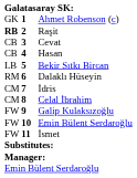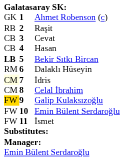 <table style="font-size: 90%" cellspacing="0" cellpadding="0">
 <tr>
 <td colspan="4"><strong>Galatasaray SK:</strong></td>
 </tr>
 <tr>
 <th width="25"></th>
 <th width="25"></th>
 </tr>
 <tr>
 <td>GK</td>
 <td><strong>1</strong></td>
 <td> <a href='#'>Ahmet Robenson</a> (<a href='#'>c</a>)</td>
 </tr>
 <tr>
-<td><strong>RB</strong></td>
+<td>RB</td>
 <td><strong>2</strong></td>
 <td> Raşit</td>
 </tr>
 <tr>
 <td>CB</td>
 <td><strong>3</strong></td>
 <td> Cevat</td>
 </tr>
 <tr>
 <td>CB</td>
 <td><strong>4</strong></td>
 <td> Hasan</td>
 </tr>
 <tr>
-<td>LB</td>
+<td><strong>LB</strong></td>
 <td><strong>5</strong></td>
 <td> <a href='#'>Bekir Sıtkı Bircan</a></td>
 </tr>
 <tr>
 <td>RM</td>
 <td><strong>6</strong></td>
 <td> Dalaklı Hüseyin</td>
 </tr>
 <tr>
-<td>CM</td>
+<td style="background: lightyellow;">CM</td>
 <td><strong>7</strong></td>
 <td> İdris</td>
 </tr>
 <tr>
 <td>CM</td>
 <td><strong>8</strong></td>
 <td> <a href='#'>Celal İbrahim</a></td>
 </tr>
 <tr>
-<td>FW</td>
+<td style="background: gold;">FW</td>
 <td><strong>9</strong></td>
 <td> <a href='#'>Galip Kulaksızoğlu</a></td>
 </tr>
 <tr>
 <td>FW</td>
 <td><strong>10</strong></td>
 <td> <a href='#'>Emin Bülent Serdaroğlu</a></td>
 </tr>
 <tr>
 <td>FW</td>
 <td><strong>11</strong></td>
 <td> İsmet</td>
 </tr>
 <tr>
 <td colspan=4><strong>Substitutes:</strong></td>
 </tr>
 <tr>
 <td colspan=4><strong>Manager:</strong></td>
 </tr>
 <tr>
 <td colspan="4"> <a href='#'>Emin Bülent Serdaroğlu</a></td>
 </tr>
 </table>
